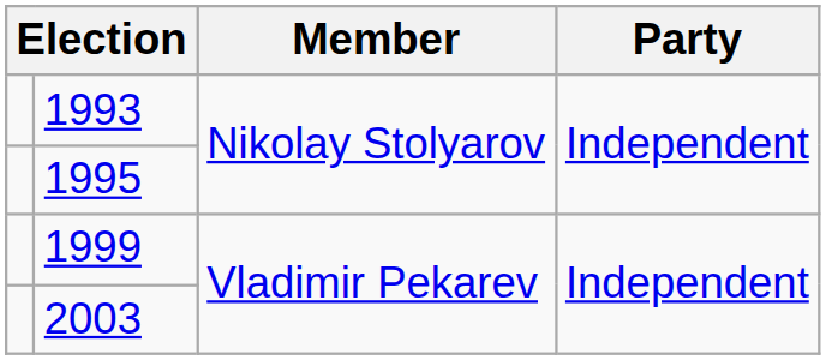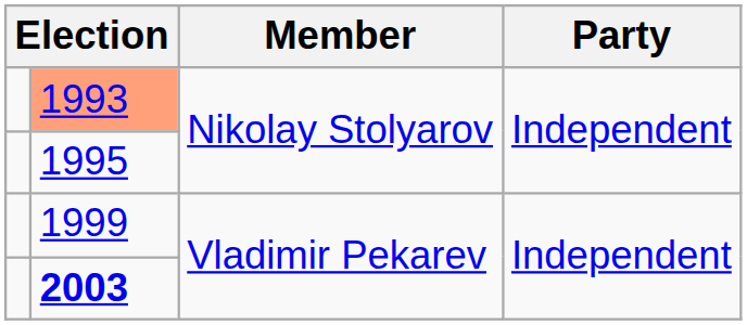 <table class="wikitable">
 <tr>
 <th colspan="2">Election</th>
 <th>Member</th>
 <th>Party</th>
 </tr>
 <tr>
 <td style="background-color:"></td>
-<td><a href='#'>1993</a></td>
+<td style="background: lightsalmon;"><a href='#'>1993</a></td>
 <td rowspan=2><a href='#'>Nikolay Stolyarov</a></td>
 <td rowspan=2><a href='#'>Independent</a></td>
 </tr>
 <tr>
 <td style="background-color:"></td>
 <td><a href='#'>1995</a></td>
 </tr>
 <tr>
 <td style="background-color:"></td>
 <td><a href='#'>1999</a></td>
 <td rowspan=2><a href='#'>Vladimir Pekarev</a></td>
 <td rowspan=2><a href='#'>Independent</a></td>
 </tr>
 <tr>
 <td style="background-color:"></td>
-<td><a href='#'>2003</a></td>
+<td><strong><a href='#'>2003</a></strong></td>
 </tr>
 </table>
